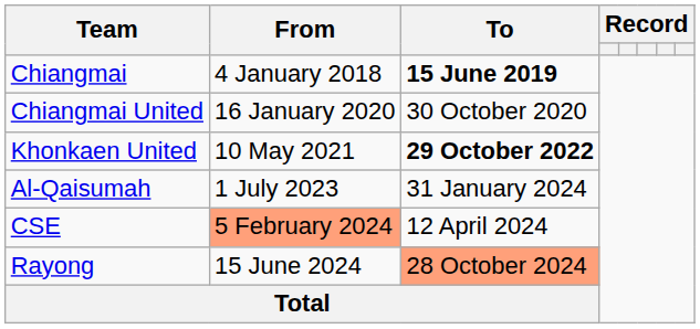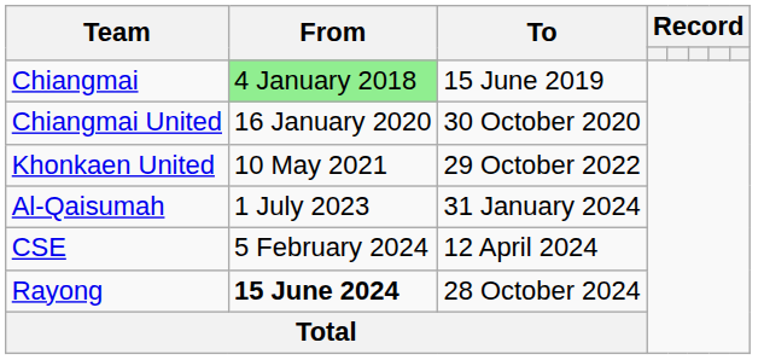 <table class="wikitable" style="text-align: center">
 <tr>
 <th rowspan="2">Team</th>
 <th rowspan="2">From</th>
 <th rowspan="2">To</th>
 <th colspan="5">Record</th>
 </tr>
 <tr>
 <th></th>
 <th></th>
 <th></th>
 <th></th>
 <th></th>
 </tr>
 <tr>
 <td align="left"><a href='#'>Chiangmai</a></td>
-<td align="left">4 January 2018</td>
-<td align="left"><strong>15 June 2019<br></strong></td>
+<td align="left" style="background: lightgreen;">4 January 2018</td>
+<td align="left">15 June 2019<br></td>
 </tr>
 <tr>
 <td align="left"><a href='#'>Chiangmai United</a></td>
 <td align="left">16 January 2020</td>
 <td align="left">30 October 2020<br></td>
 </tr>
 <tr>
 <td align="left"><a href='#'>Khonkaen United</a></td>
 <td align="left">10 May 2021</td>
-<td align="left"><strong>29 October 2022<br></strong></td>
+<td align="left">29 October 2022<br></td>
 </tr>
 <tr>
 <td align="left"><a href='#'>Al-Qaisumah</a></td>
 <td align="left">1 July 2023</td>
 <td align="left">31 January 2024<br></td>
 </tr>
 <tr>
 <td align="left"><a href='#'>CSE</a></td>
-<td align="left" style="background: lightsalmon;">5 February 2024</td>
+<td align="left">5 February 2024</td>
 <td align="left">12 April 2024<br></td>
 </tr>
 <tr>
 <td align="left"><a href='#'>Rayong</a></td>
-<td align="left">15 June 2024</td>
-<td align="left" style="background: lightsalmon;">28 October 2024<br></td>
+<td align="left"><strong>15 June 2024</strong></td>
+<td align="left">28 October 2024<br></td>
 </tr>
 <tr>
 <th colspan="3">Total<br></th>
 </tr>
 </table>
